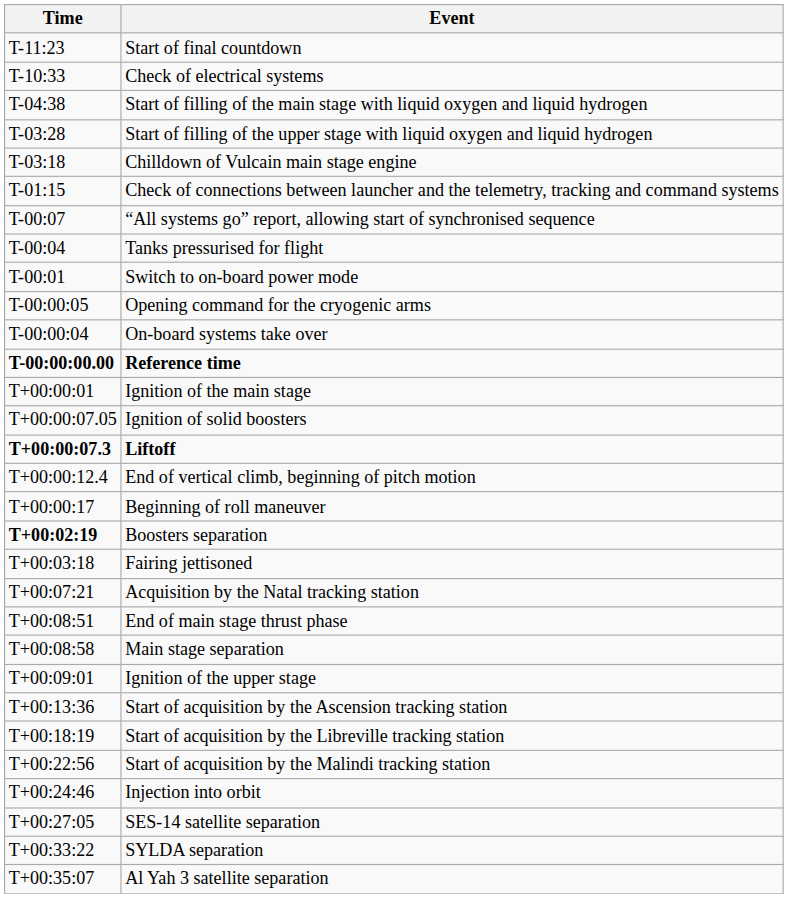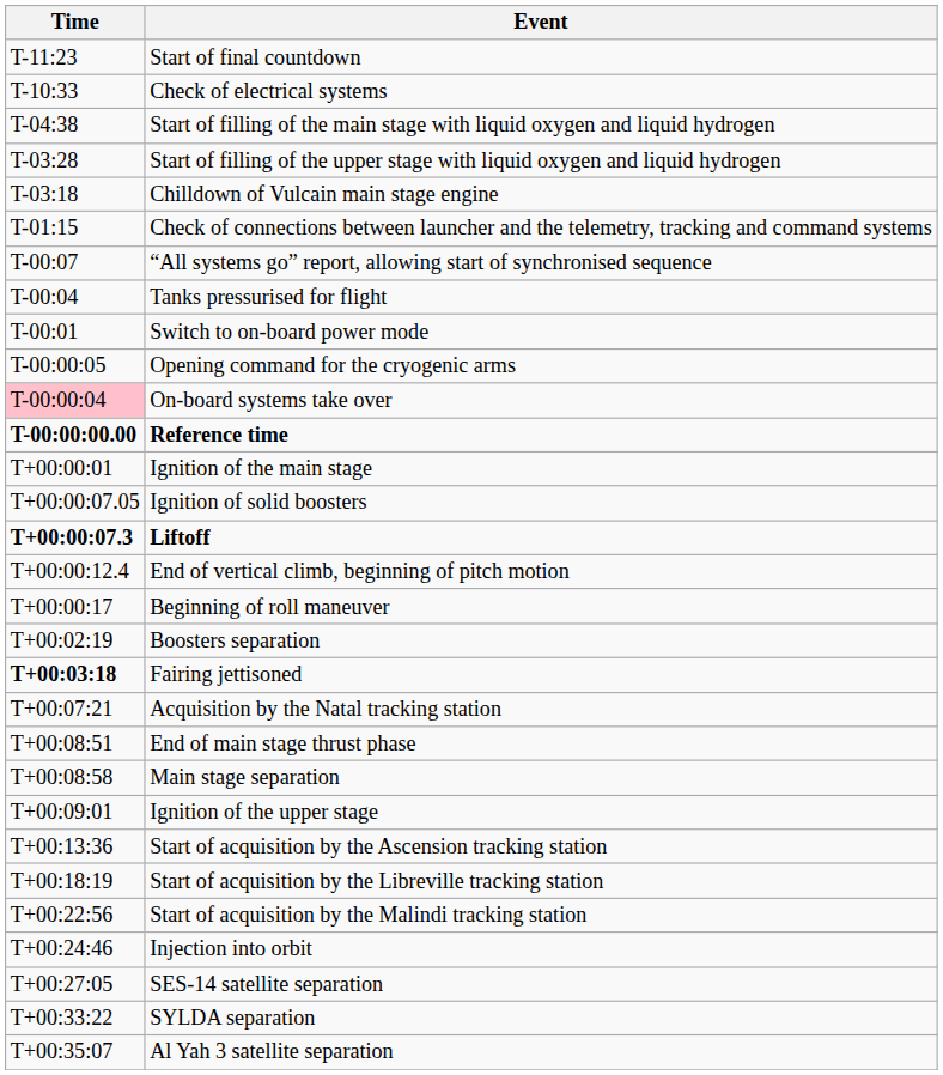 <table class="wikitable collapsible collapsed">
 <tr>
 <th>Time</th>
 <th>Event</th>
 </tr>
 <tr>
 <td>T-11:23</td>
 <td>Start of final countdown</td>
 </tr>
 <tr>
 <td>T-10:33</td>
 <td>Check of electrical systems</td>
 </tr>
 <tr>
 <td>T-04:38</td>
 <td>Start of filling of the main stage with liquid oxygen and liquid hydrogen</td>
 </tr>
 <tr>
 <td>T-03:28</td>
 <td>Start of filling of the upper stage with liquid oxygen and liquid hydrogen</td>
 </tr>
 <tr>
 <td>T-03:18</td>
 <td>Chilldown of Vulcain main stage engine</td>
 </tr>
 <tr>
 <td>T-01:15</td>
 <td>Check of connections between launcher and the telemetry, tracking and command systems</td>
 </tr>
 <tr>
 <td>T-00:07</td>
 <td>“All systems go” report, allowing start of synchronised sequence</td>
 </tr>
 <tr>
 <td>T-00:04</td>
 <td>Tanks pressurised for flight</td>
 </tr>
 <tr>
 <td>T-00:01</td>
 <td>Switch to on-board power mode</td>
 </tr>
 <tr>
 <td>T-00:00:05</td>
 <td>Opening command for the cryogenic arms</td>
 </tr>
 <tr>
-<td>T-00:00:04</td>
+<td style="background: pink;">T-00:00:04</td>
 <td>On-board systems take over</td>
 </tr>
 <tr>
 <td><strong>T-00:00:00.00</strong></td>
 <td><strong>Reference time</strong></td>
 </tr>
 <tr>
 <td>T+00:00:01</td>
 <td>Ignition of the main stage</td>
 </tr>
 <tr>
 <td>T+00:00:07.05</td>
 <td>Ignition of solid boosters</td>
 </tr>
 <tr>
 <td><strong>T+00:00:07.3</strong></td>
 <td><strong>Liftoff</strong></td>
 </tr>
 <tr>
 <td>T+00:00:12.4</td>
 <td>End of vertical climb, beginning of pitch motion</td>
 </tr>
 <tr>
 <td>T+00:00:17</td>
 <td>Beginning of roll maneuver</td>
 </tr>
 <tr>
-<td><strong>T+00:02:19</strong></td>
+<td>T+00:02:19</td>
 <td>Boosters separation</td>
 </tr>
 <tr>
-<td>T+00:03:18</td>
+<td><strong>T+00:03:18</strong></td>
 <td>Fairing jettisoned</td>
 </tr>
 <tr>
 <td>T+00:07:21</td>
 <td>Acquisition by the Natal tracking station</td>
 </tr>
 <tr>
 <td>T+00:08:51</td>
 <td>End of main stage thrust phase</td>
 </tr>
 <tr>
 <td>T+00:08:58</td>
 <td>Main stage separation</td>
 </tr>
 <tr>
 <td>T+00:09:01</td>
 <td>Ignition of the upper stage</td>
 </tr>
 <tr>
 <td>T+00:13:36</td>
 <td>Start of acquisition by the Ascension tracking station</td>
 </tr>
 <tr>
 <td>T+00:18:19</td>
 <td>Start of acquisition by the Libreville tracking station</td>
 </tr>
 <tr>
 <td>T+00:22:56</td>
 <td>Start of acquisition by the Malindi tracking station</td>
 </tr>
 <tr>
 <td>T+00:24:46</td>
 <td>Injection into orbit</td>
 </tr>
 <tr>
 <td>T+00:27:05</td>
 <td>SES-14 satellite separation</td>
 </tr>
 <tr>
 <td>T+00:33:22</td>
 <td>SYLDA separation</td>
 </tr>
 <tr>
 <td>T+00:35:07</td>
 <td>Al Yah 3 satellite separation</td>
 </tr>
 </table>
